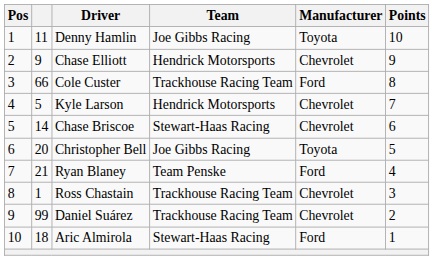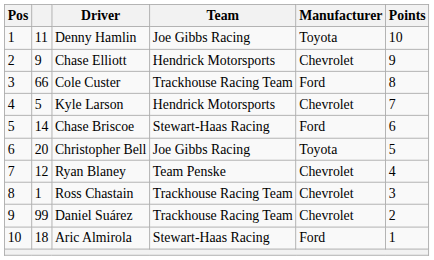 <table class="wikitable" style="font-size:98%">
 <tr>
 <th>Pos</th>
 <th></th>
 <th>Driver</th>
 <th>Team</th>
 <th>Manufacturer</th>
 <th>Points</th>
 </tr>
 <tr>
 <td>1</td>
 <td>11</td>
 <td>Denny Hamlin</td>
 <td>Joe Gibbs Racing</td>
 <td>Toyota</td>
 <td>10</td>
 </tr>
 <tr>
 <td>2</td>
 <td>9</td>
 <td>Chase Elliott</td>
 <td>Hendrick Motorsports</td>
 <td>Chevrolet</td>
 <td>9</td>
 </tr>
 <tr>
 <td>3</td>
 <td>66</td>
 <td>Cole Custer</td>
 <td>Trackhouse Racing Team</td>
 <td>Ford</td>
 <td>8</td>
 </tr>
 <tr>
 <td>4</td>
 <td>5</td>
 <td>Kyle Larson</td>
 <td>Hendrick Motorsports</td>
 <td>Chevrolet</td>
 <td>7</td>
 </tr>
 <tr>
 <td>5</td>
 <td>14</td>
 <td>Chase Briscoe</td>
 <td>Stewart-Haas Racing</td>
-<td>Chevrolet</td>
+<td>Ford</td>
 <td>6</td>
 </tr>
 <tr>
 <td>6</td>
 <td>20</td>
 <td>Christopher Bell</td>
 <td>Joe Gibbs Racing</td>
 <td>Toyota</td>
 <td>5</td>
 </tr>
 <tr>
 <td>7</td>
-<td>21</td>
+<td>12</td>
 <td>Ryan Blaney</td>
 <td>Team Penske</td>
-<td>Ford</td>
+<td>Chevrolet</td>
 <td>4</td>
 </tr>
 <tr>
 <td>8</td>
 <td>1</td>
 <td>Ross Chastain</td>
 <td>Trackhouse Racing Team</td>
 <td>Chevrolet</td>
 <td>3</td>
 </tr>
 <tr>
 <td>9</td>
 <td>99</td>
 <td>Daniel Suárez</td>
 <td>Trackhouse Racing Team</td>
 <td>Chevrolet</td>
 <td>2</td>
 </tr>
 <tr>
 <td>10</td>
 <td>18</td>
 <td>Aric Almirola</td>
 <td>Stewart-Haas Racing</td>
 <td>Ford</td>
 <td>1</td>
 </tr>
 <tr>
 <th colspan="6"></th>
 </tr>
 </table>
